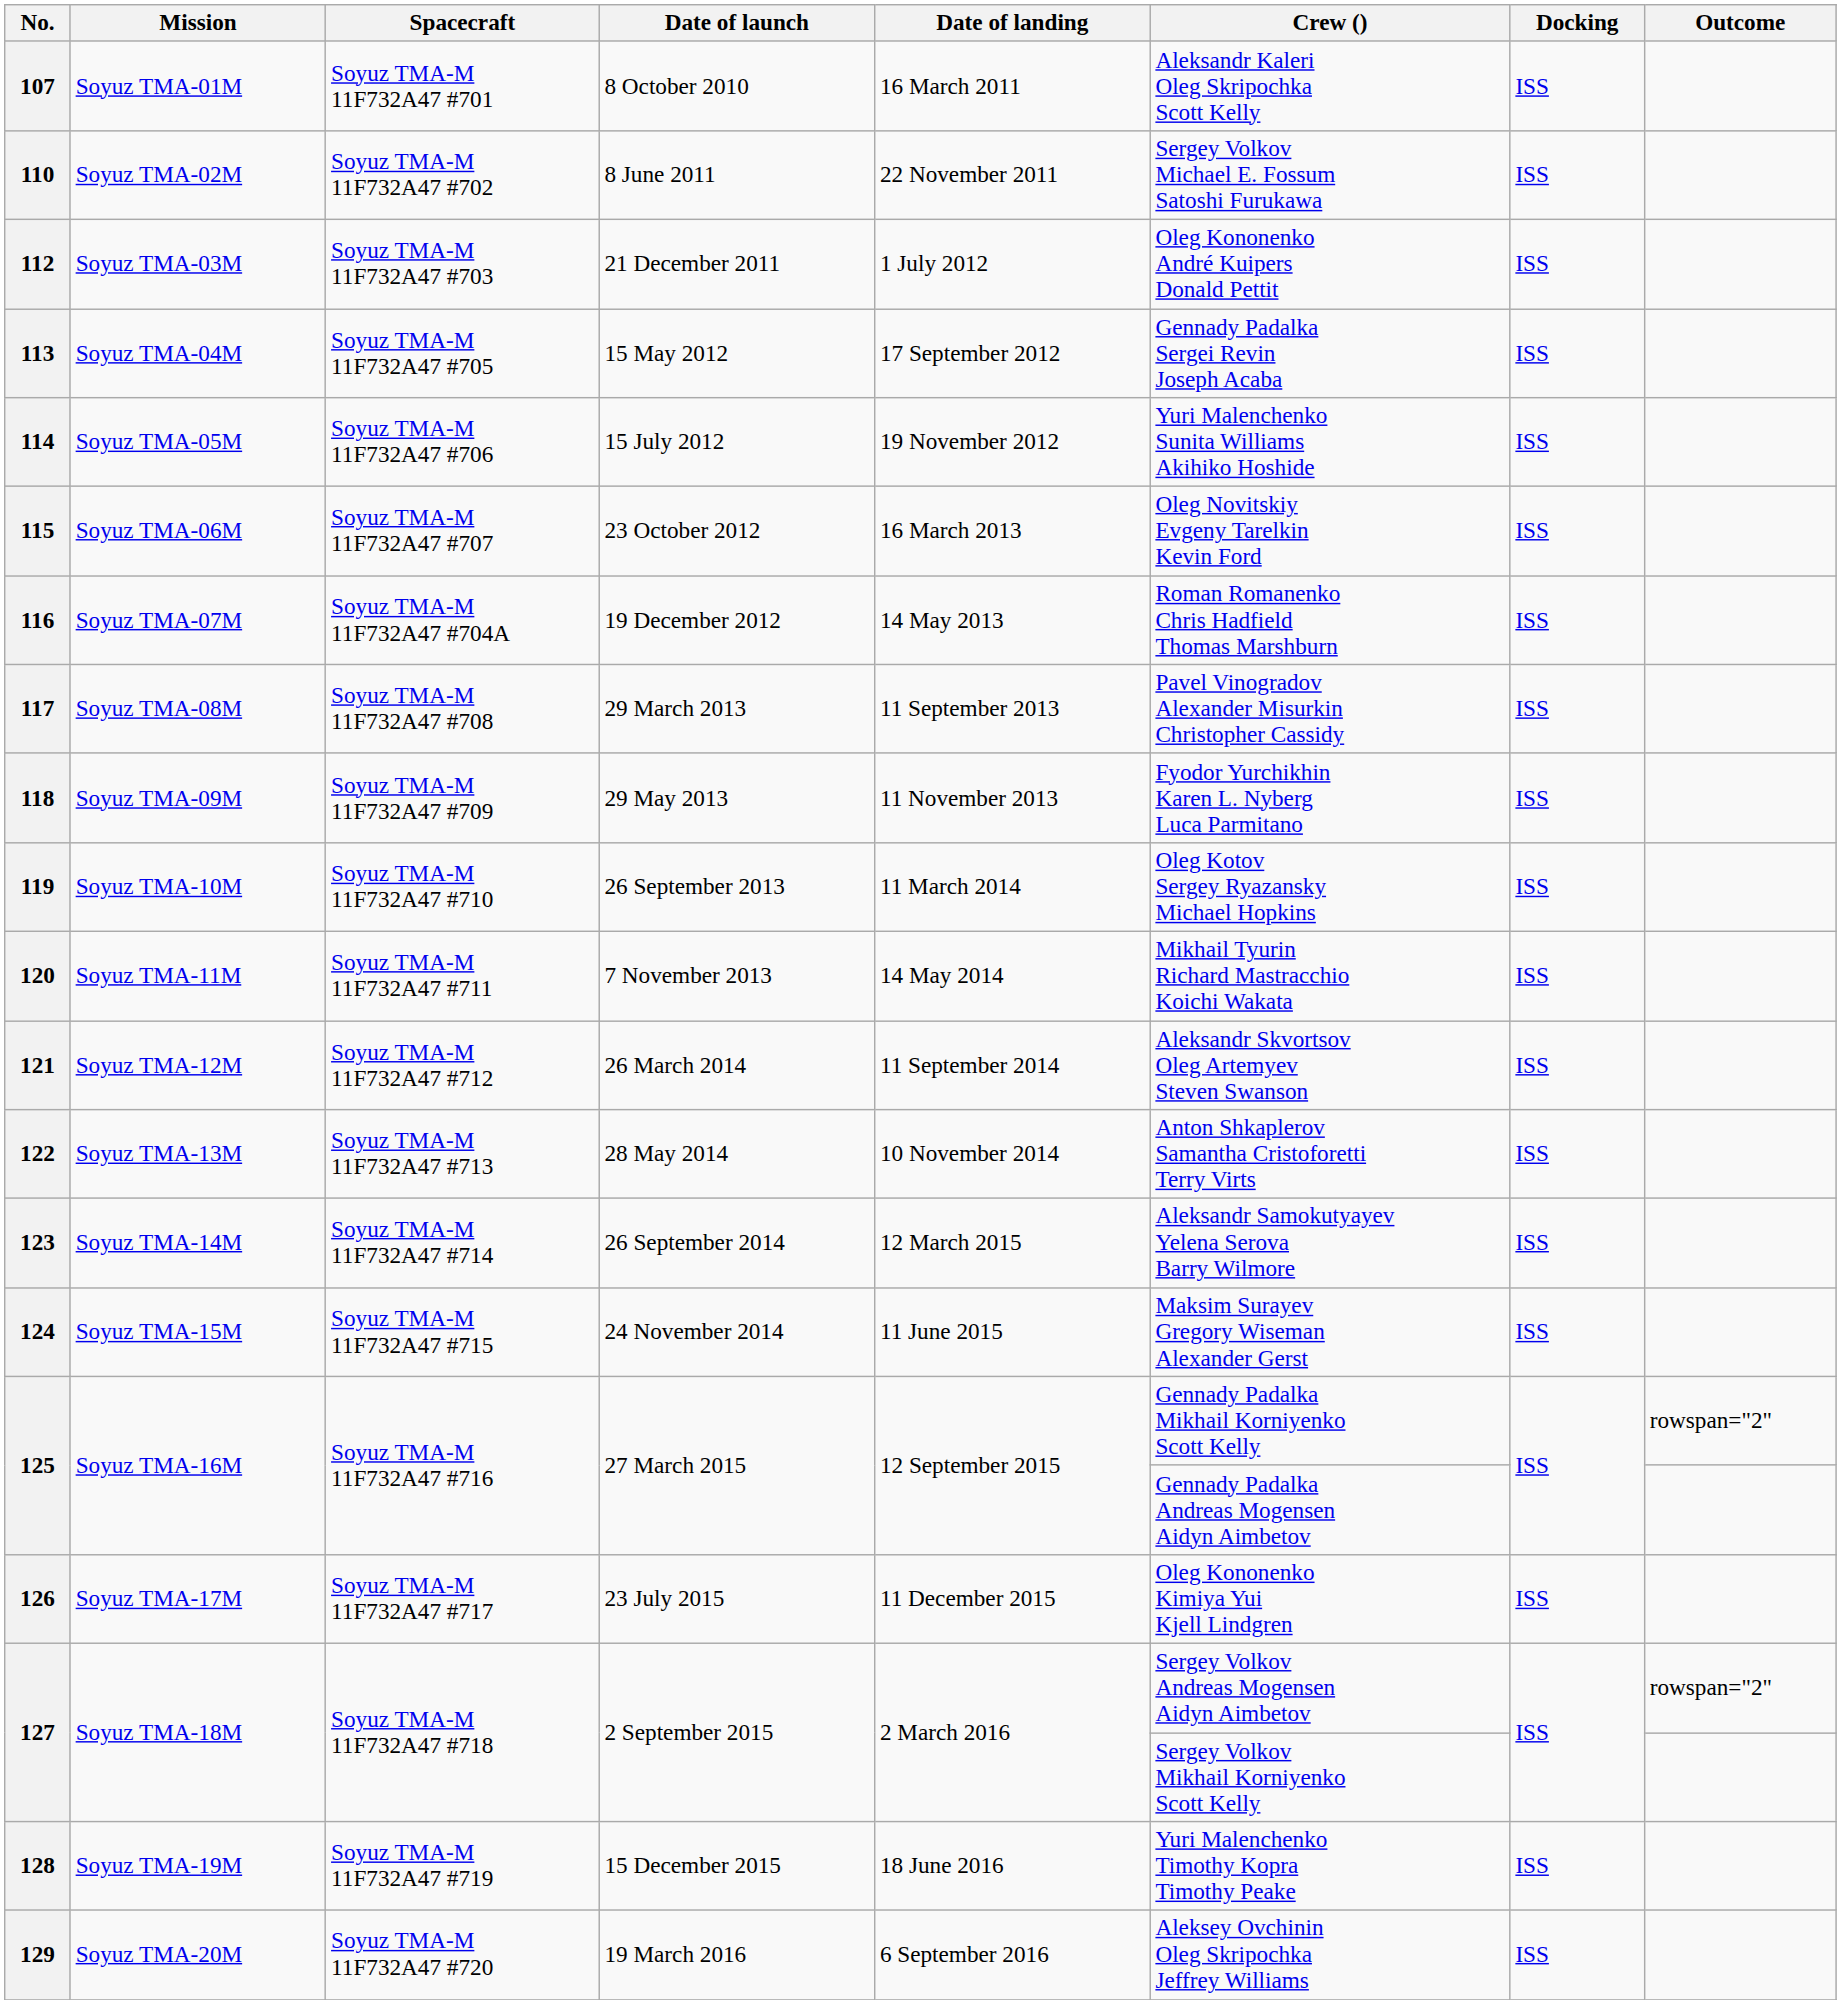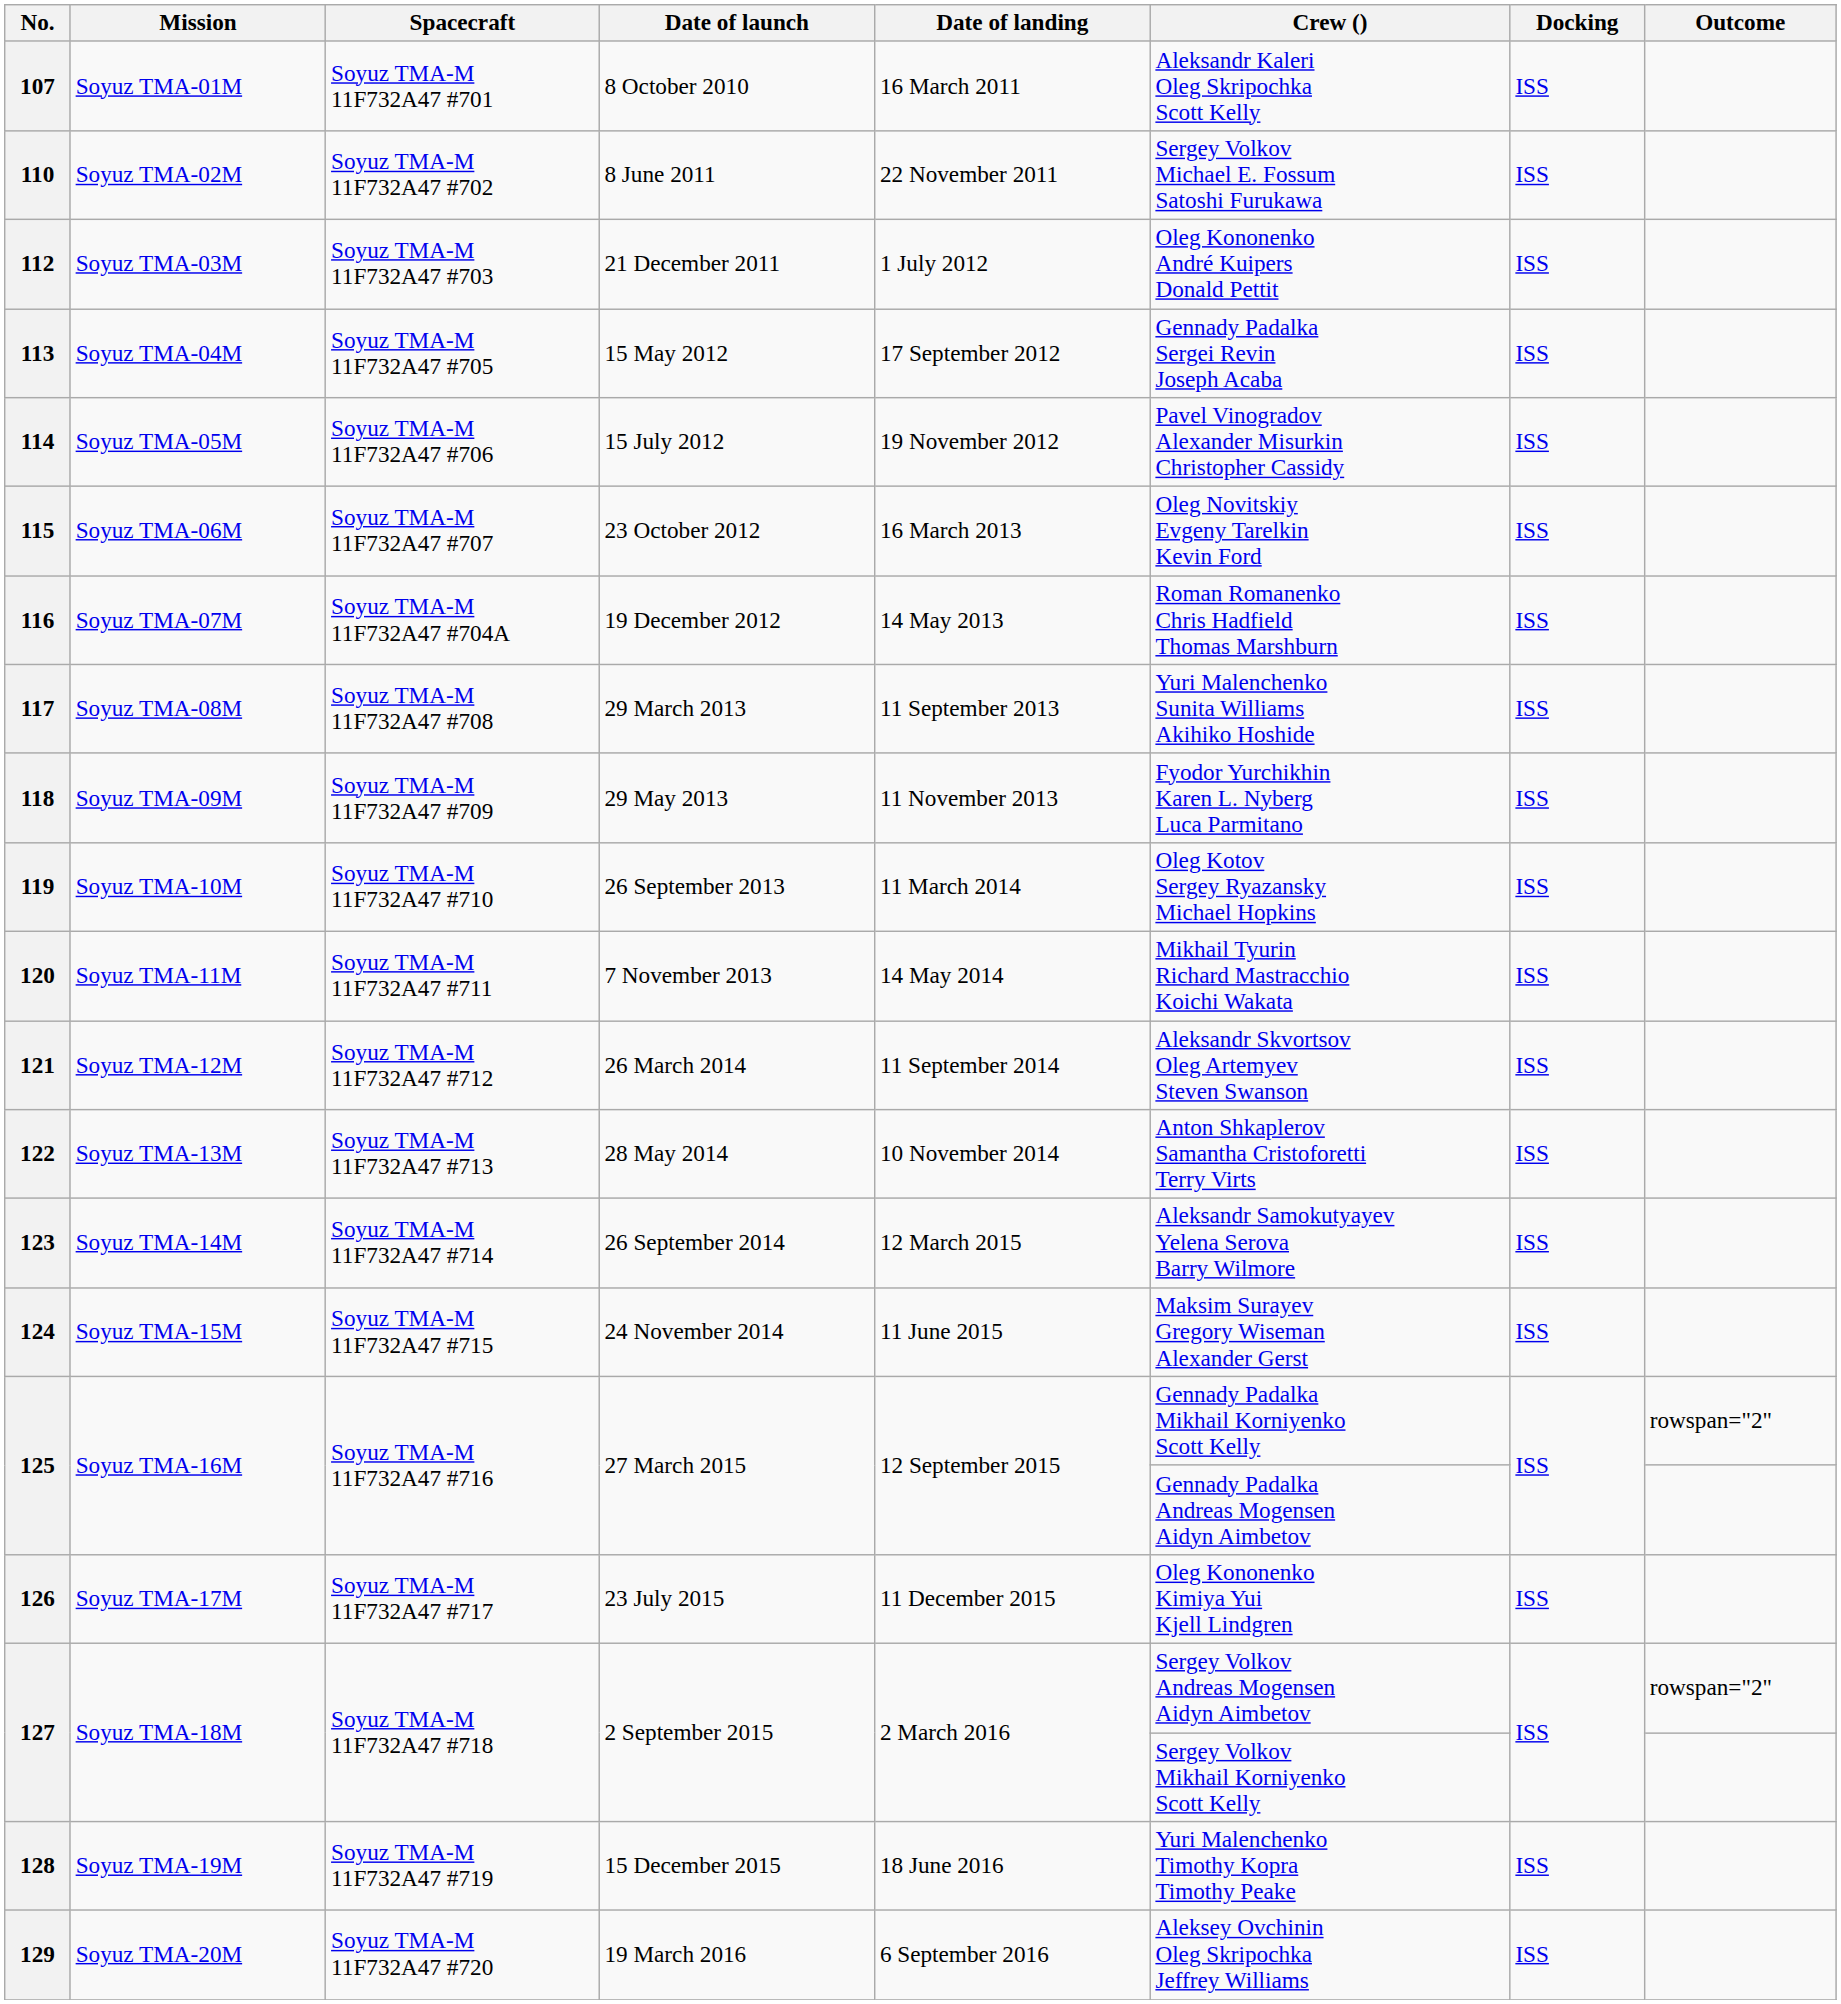 <table class="wikitable sticky-header" width="100%">
 <tr>
 <th>No.</th>
 <th>Mission</th>
 <th>Spacecraft</th>
 <th>Date of launch</th>
 <th>Date of landing</th>
 <th>Crew ()</th>
 <th>Docking</th>
 <th>Outcome</th>
 </tr>
 <tr>
 <th>107</th>
 <td><a href='#'>Soyuz TMA-01M</a></td>
 <td><a href='#'>Soyuz TMA-M</a><br>11F732A47 #701</td>
 <td>8 October 2010</td>
 <td>16 March 2011</td>
 <td> <a href='#'>Aleksandr Kaleri</a><br> <a href='#'>Oleg Skripochka</a><br> <a href='#'>Scott Kelly</a></td>
 <td><a href='#'>ISS</a></td>
 <td></td>
 </tr>
 <tr>
 <th>110</th>
 <td><a href='#'>Soyuz TMA-02M</a></td>
 <td><a href='#'>Soyuz TMA-M</a><br>11F732A47 #702</td>
 <td>8 June 2011</td>
 <td>22 November 2011</td>
 <td> <a href='#'>Sergey Volkov</a><br> <a href='#'>Michael E. Fossum</a><br> <a href='#'>Satoshi Furukawa</a></td>
 <td><a href='#'>ISS</a></td>
 <td></td>
 </tr>
 <tr>
 <th>112</th>
 <td><a href='#'>Soyuz TMA-03M</a></td>
 <td><a href='#'>Soyuz TMA-M</a><br>11F732A47 #703</td>
 <td>21 December 2011</td>
 <td>1 July 2012</td>
 <td> <a href='#'>Oleg Kononenko</a><br> <a href='#'>André Kuipers</a><br> <a href='#'>Donald Pettit</a></td>
 <td><a href='#'>ISS</a></td>
 <td></td>
 </tr>
 <tr>
 <th>113</th>
 <td><a href='#'>Soyuz TMA-04M</a></td>
 <td><a href='#'>Soyuz TMA-M</a><br>11F732A47 #705</td>
 <td>15 May 2012</td>
 <td>17 September 2012</td>
 <td> <a href='#'>Gennady Padalka</a><br> <a href='#'>Sergei Revin</a><br> <a href='#'>Joseph Acaba</a></td>
 <td><a href='#'>ISS</a></td>
 <td></td>
 </tr>
 <tr>
 <th>114</th>
 <td><a href='#'>Soyuz TMA-05M</a></td>
 <td><a href='#'>Soyuz TMA-M</a><br>11F732A47 #706</td>
 <td>15 July 2012</td>
 <td>19 November 2012</td>
-<td> <a href='#'>Yuri Malenchenko</a><br> <a href='#'>Sunita Williams</a><br> <a href='#'>Akihiko Hoshide</a></td>
+<td> <a href='#'>Pavel Vinogradov</a><br> <a href='#'>Alexander Misurkin</a><br> <a href='#'>Christopher Cassidy</a></td>
 <td><a href='#'>ISS</a></td>
 <td></td>
 </tr>
 <tr>
 <th>115</th>
 <td><a href='#'>Soyuz TMA-06M</a></td>
 <td><a href='#'>Soyuz TMA-M</a><br>11F732A47 #707</td>
 <td>23 October 2012</td>
 <td>16 March 2013</td>
 <td> <a href='#'>Oleg Novitskiy</a><br> <a href='#'>Evgeny Tarelkin</a><br> <a href='#'>Kevin Ford</a></td>
 <td><a href='#'>ISS</a></td>
 <td></td>
 </tr>
 <tr>
 <th>116</th>
 <td><a href='#'>Soyuz TMA-07M</a></td>
 <td><a href='#'>Soyuz TMA-M</a><br>11F732A47 #704A</td>
 <td>19 December 2012</td>
 <td>14 May 2013</td>
 <td> <a href='#'>Roman Romanenko</a><br> <a href='#'>Chris Hadfield</a><br> <a href='#'>Thomas Marshburn</a></td>
 <td><a href='#'>ISS</a></td>
 <td></td>
 </tr>
 <tr>
 <th>117</th>
 <td><a href='#'>Soyuz TMA-08M</a></td>
 <td><a href='#'>Soyuz TMA-M</a><br>11F732A47 #708</td>
 <td>29 March 2013</td>
 <td>11 September 2013</td>
-<td> <a href='#'>Pavel Vinogradov</a><br> <a href='#'>Alexander Misurkin</a><br> <a href='#'>Christopher Cassidy</a></td>
+<td> <a href='#'>Yuri Malenchenko</a><br> <a href='#'>Sunita Williams</a><br> <a href='#'>Akihiko Hoshide</a></td>
 <td><a href='#'>ISS</a></td>
 <td></td>
 </tr>
 <tr>
 <th>118</th>
 <td><a href='#'>Soyuz TMA-09M</a></td>
 <td><a href='#'>Soyuz TMA-M</a><br>11F732A47 #709</td>
 <td>29 May 2013</td>
 <td>11 November 2013</td>
 <td> <a href='#'>Fyodor Yurchikhin</a><br> <a href='#'>Karen L. Nyberg</a><br> <a href='#'>Luca Parmitano</a></td>
 <td><a href='#'>ISS</a></td>
 <td></td>
 </tr>
 <tr>
 <th>119</th>
 <td><a href='#'>Soyuz TMA-10M</a></td>
 <td><a href='#'>Soyuz TMA-M</a><br>11F732A47 #710</td>
 <td>26 September 2013</td>
 <td>11 March 2014</td>
 <td> <a href='#'>Oleg Kotov</a><br> <a href='#'>Sergey Ryazansky</a><br> <a href='#'>Michael Hopkins</a></td>
 <td><a href='#'>ISS</a></td>
 <td></td>
 </tr>
 <tr>
 <th>120</th>
 <td><a href='#'>Soyuz TMA-11M</a></td>
 <td><a href='#'>Soyuz TMA-M</a><br>11F732A47 #711</td>
 <td>7 November 2013</td>
 <td>14 May 2014</td>
 <td> <a href='#'>Mikhail Tyurin</a><br> <a href='#'>Richard Mastracchio</a><br> <a href='#'>Koichi Wakata</a></td>
 <td><a href='#'>ISS</a></td>
 <td></td>
 </tr>
 <tr>
 <th>121</th>
 <td><a href='#'>Soyuz TMA-12M</a></td>
 <td><a href='#'>Soyuz TMA-M</a><br>11F732A47 #712</td>
 <td>26 March 2014</td>
 <td>11 September 2014</td>
 <td> <a href='#'>Aleksandr Skvortsov</a><br> <a href='#'>Oleg Artemyev</a><br> <a href='#'>Steven Swanson</a></td>
 <td><a href='#'>ISS</a></td>
 <td></td>
 </tr>
 <tr>
 <th>122</th>
 <td><a href='#'>Soyuz TMA-13M</a></td>
 <td><a href='#'>Soyuz TMA-M</a><br>11F732A47 #713</td>
 <td>28 May 2014</td>
 <td>10 November 2014</td>
 <td> <a href='#'>Anton Shkaplerov</a><br> <a href='#'>Samantha Cristoforetti</a><br> <a href='#'>Terry Virts</a></td>
 <td><a href='#'>ISS</a></td>
 <td></td>
 </tr>
 <tr>
 <th>123</th>
 <td><a href='#'>Soyuz TMA-14M</a></td>
 <td><a href='#'>Soyuz TMA-M</a><br>11F732A47 #714</td>
 <td>26 September 2014</td>
 <td>12 March 2015</td>
 <td> <a href='#'>Aleksandr Samokutyayev</a><br> <a href='#'>Yelena Serova</a><br> <a href='#'>Barry Wilmore</a></td>
 <td><a href='#'>ISS</a></td>
 <td></td>
 </tr>
 <tr>
 <th>124</th>
 <td><a href='#'>Soyuz TMA-15M</a></td>
 <td><a href='#'>Soyuz TMA-M</a><br>11F732A47 #715</td>
 <td>24 November 2014</td>
 <td>11 June 2015</td>
 <td> <a href='#'>Maksim Surayev</a><br> <a href='#'>Gregory Wiseman</a><br> <a href='#'>Alexander Gerst</a></td>
 <td><a href='#'>ISS</a></td>
 <td></td>
 </tr>
 <tr>
 <th rowspan="2">125</th>
 <td rowspan="2"><a href='#'>Soyuz TMA-16M</a></td>
 <td rowspan="2"><a href='#'>Soyuz TMA-M</a><br>11F732A47 #716</td>
 <td rowspan="2">27 March 2015</td>
 <td rowspan="2">12 September 2015</td>
 <td> <a href='#'>Gennady Padalka</a><br> <a href='#'>Mikhail Korniyenko</a><br> <a href='#'>Scott Kelly</a></td>
 <td rowspan="2"><a href='#'>ISS</a></td>
 <td>rowspan="2" </td>
 </tr>
 <tr>
 <td> <a href='#'>Gennady Padalka</a><br> <a href='#'>Andreas Mogensen</a><br> <a href='#'>Aidyn Aimbetov</a></td>
 </tr>
 <tr>
 <th>126</th>
 <td><a href='#'>Soyuz TMA-17M</a></td>
 <td><a href='#'>Soyuz TMA-M</a><br>11F732A47 #717</td>
 <td>23 July 2015</td>
 <td>11 December 2015</td>
 <td> <a href='#'>Oleg Kononenko</a><br> <a href='#'>Kimiya Yui</a><br> <a href='#'>Kjell Lindgren</a></td>
 <td><a href='#'>ISS</a></td>
 <td></td>
 </tr>
 <tr>
 <th rowspan="2">127</th>
 <td rowspan="2"><a href='#'>Soyuz TMA-18M</a></td>
 <td rowspan="2"><a href='#'>Soyuz TMA-M</a><br>11F732A47 #718</td>
 <td rowspan="2">2 September 2015</td>
 <td rowspan="2">2 March 2016</td>
 <td> <a href='#'>Sergey Volkov</a><br> <a href='#'>Andreas Mogensen</a><br> <a href='#'>Aidyn Aimbetov</a></td>
 <td rowspan="2"><a href='#'>ISS</a></td>
 <td>rowspan="2" </td>
 </tr>
 <tr>
 <td> <a href='#'>Sergey Volkov</a><br> <a href='#'>Mikhail Korniyenko</a><br> <a href='#'>Scott Kelly</a></td>
 </tr>
 <tr>
 <th>128</th>
 <td><a href='#'>Soyuz TMA-19M</a></td>
 <td><a href='#'>Soyuz TMA-M</a><br>11F732A47 #719</td>
 <td>15 December 2015</td>
 <td>18 June 2016</td>
 <td> <a href='#'>Yuri Malenchenko</a><br> <a href='#'>Timothy Kopra</a><br> <a href='#'>Timothy Peake</a></td>
 <td><a href='#'>ISS</a></td>
 <td></td>
 </tr>
 <tr>
 <th>129</th>
 <td><a href='#'>Soyuz TMA-20M</a></td>
 <td><a href='#'>Soyuz TMA-M</a><br>11F732A47 #720</td>
 <td>19 March 2016</td>
 <td>6 September 2016</td>
 <td> <a href='#'>Aleksey Ovchinin</a><br> <a href='#'>Oleg Skripochka</a><br> <a href='#'>Jeffrey Williams</a></td>
 <td><a href='#'>ISS</a></td>
 <td></td>
 </tr>
 </table>
